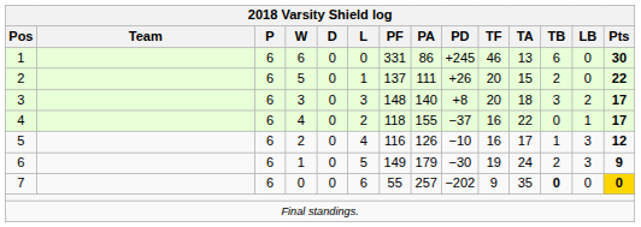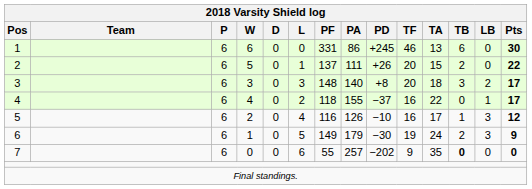 <table class="wikitable" style="text-align:center; font-size:100%; width:60%;">
 <tr>
 <th colspan="100%" cellpadding="0" cellspacing="0"><strong>2018 Varsity Shield log</strong></th>
 </tr>
 <tr>
 <th style="width:5%;">Pos</th>
 <th style="width:35%;">Team</th>
 <th style="width:5%;">P</th>
 <th style="width:5%;">W</th>
 <th style="width:5%;">D</th>
 <th style="width:5%;">L</th>
 <th style="width:5%;">PF</th>
 <th style="width:5%;">PA</th>
 <th style="width:5%;">PD</th>
 <th style="width:5%;">TF</th>
 <th style="width:5%;">TA</th>
 <th style="width:5%;">TB</th>
 <th style="width:5%;">LB</th>
 <th style="width:5%;">Pts<br></th>
 </tr>
 <tr style="background:#E8FFD8;">
 <td>1</td>
 <td style="text-align:left;"></td>
 <td>6</td>
 <td>6</td>
 <td>0</td>
 <td>0</td>
 <td>331</td>
 <td>86</td>
 <td>+245</td>
 <td>46</td>
 <td>13</td>
 <td>6</td>
 <td>0</td>
 <td><strong>30</strong></td>
 </tr>
 <tr style="background:#E8FFD8;">
 <td>2</td>
 <td style="text-align:left;"></td>
 <td>6</td>
 <td>5</td>
 <td>0</td>
 <td>1</td>
 <td>137</td>
 <td>111</td>
 <td>+26</td>
 <td>20</td>
 <td>15</td>
 <td>2</td>
 <td>0</td>
 <td><strong>22</strong></td>
 </tr>
 <tr style="background:#E8FFD8;">
 <td>3</td>
 <td style="text-align:left;"></td>
 <td>6</td>
 <td>3</td>
 <td>0</td>
 <td>3</td>
 <td>148</td>
 <td>140</td>
 <td>+8</td>
 <td>20</td>
 <td>18</td>
 <td>3</td>
 <td>2</td>
 <td><strong>17</strong></td>
 </tr>
 <tr style="background:#E8FFD8;">
 <td>4</td>
 <td style="text-align:left;"></td>
 <td>6</td>
 <td>4</td>
 <td>0</td>
 <td>2</td>
 <td>118</td>
 <td>155</td>
 <td>−37</td>
 <td>16</td>
 <td>22</td>
 <td>0</td>
 <td>1</td>
 <td><strong>17</strong></td>
 </tr>
 <tr>
 <td>5</td>
 <td style="text-align:left;"></td>
 <td>6</td>
 <td>2</td>
 <td>0</td>
 <td>4</td>
 <td>116</td>
 <td>126</td>
 <td>−10</td>
 <td>16</td>
 <td>17</td>
 <td>1</td>
 <td>3</td>
 <td><strong>12</strong></td>
 </tr>
 <tr>
 <td>6</td>
 <td style="text-align:left;"></td>
 <td>6</td>
 <td>1</td>
 <td>0</td>
 <td>5</td>
 <td>149</td>
 <td>179</td>
 <td>−30</td>
 <td>19</td>
 <td>24</td>
 <td>2</td>
 <td>3</td>
 <td><strong>9</strong></td>
 </tr>
 <tr>
 <td>7</td>
 <td style="text-align:left;"></td>
 <td>6</td>
 <td>0</td>
 <td>0</td>
 <td>6</td>
 <td>55</td>
 <td>257</td>
 <td>−202</td>
 <td>9</td>
 <td>35</td>
 <td><strong>0</strong></td>
 <td>0</td>
-<td style="background: gold;"><strong>0</strong></td>
+<td><strong>0</strong></td>
 </tr>
 <tr>
 <td colspan="100%" cellpadding="0" cellspacing="0"></td>
 </tr>
 <tr>
 <td colspan="100%" cellpadding="0" cellspacing="0"><small><em>Final standings.</em></small></td>
 </tr>
 </table>
